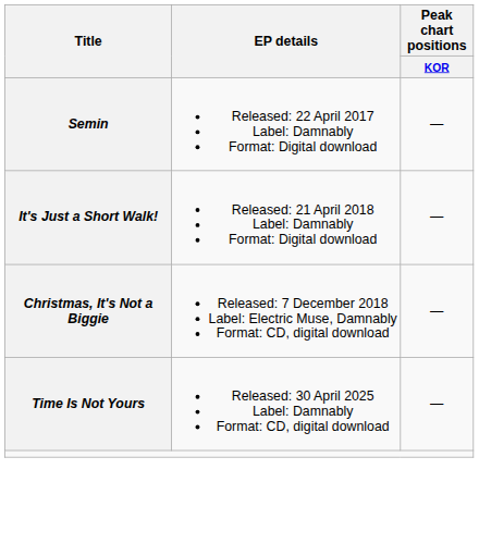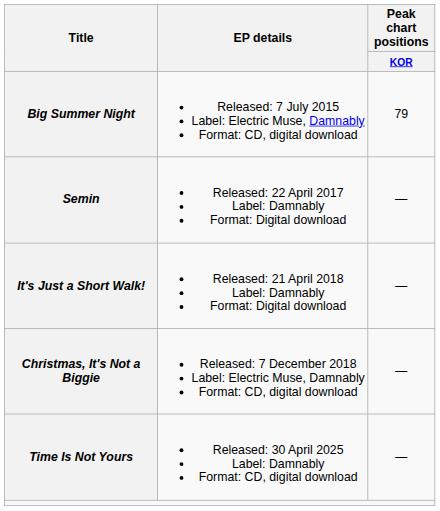 <table class="wikitable plainrowheaders" style="text-align:center;">
 <tr>
 <th scope="col" rowspan="2" style="width:12em;">Title</th>
 <th scope="col" rowspan="2">EP details</th>
 <th scope="col" colspan="1" style="width:5em;">Peak chart positions</th>
 </tr>
 <tr>
 <th><small><a href='#'>KOR</a></small><br></th>
+</tr>
+<tr>
+<th scope="row"><em>Big Summer Night</em></th>
+<td><br><ul><li>Released: 7 July 2015</li><li>Label: Electric Muse, <a href='#'>Damnably</a></li><li>Format: CD, digital download</li></ul></td>
+<td>79</td>
 </tr>
 <tr>
 <th scope="row"><em>Semin</em></th>
 <td><br><ul><li>Released: 22 April 2017</li><li>Label: Damnably</li><li>Format: Digital download</li></ul></td>
 <td>—</td>
 </tr>
 <tr>
 <th scope="row"><em>It's Just a Short Walk!</em></th>
 <td><br><ul><li>Released: 21 April 2018</li><li>Label: Damnably</li><li>Format: Digital download</li></ul></td>
 <td>—</td>
 </tr>
 <tr>
 <th scope="row"><em>Christmas, It's Not a Biggie</em></th>
 <td><br><ul><li>Released: 7 December 2018</li><li>Label: Electric Muse, Damnably</li><li>Format: CD, digital download</li></ul></td>
 <td>—</td>
 </tr>
 <tr>
 <th scope="row"><em>Time Is Not Yours</em></th>
 <td><br><ul><li>Released: 30 April 2025</li><li>Label: Damnably</li><li>Format: CD, digital download</li></ul></td>
 <td>—</td>
 </tr>
 <tr>
 <td colspan="3"></td>
 </tr>
 </table>
